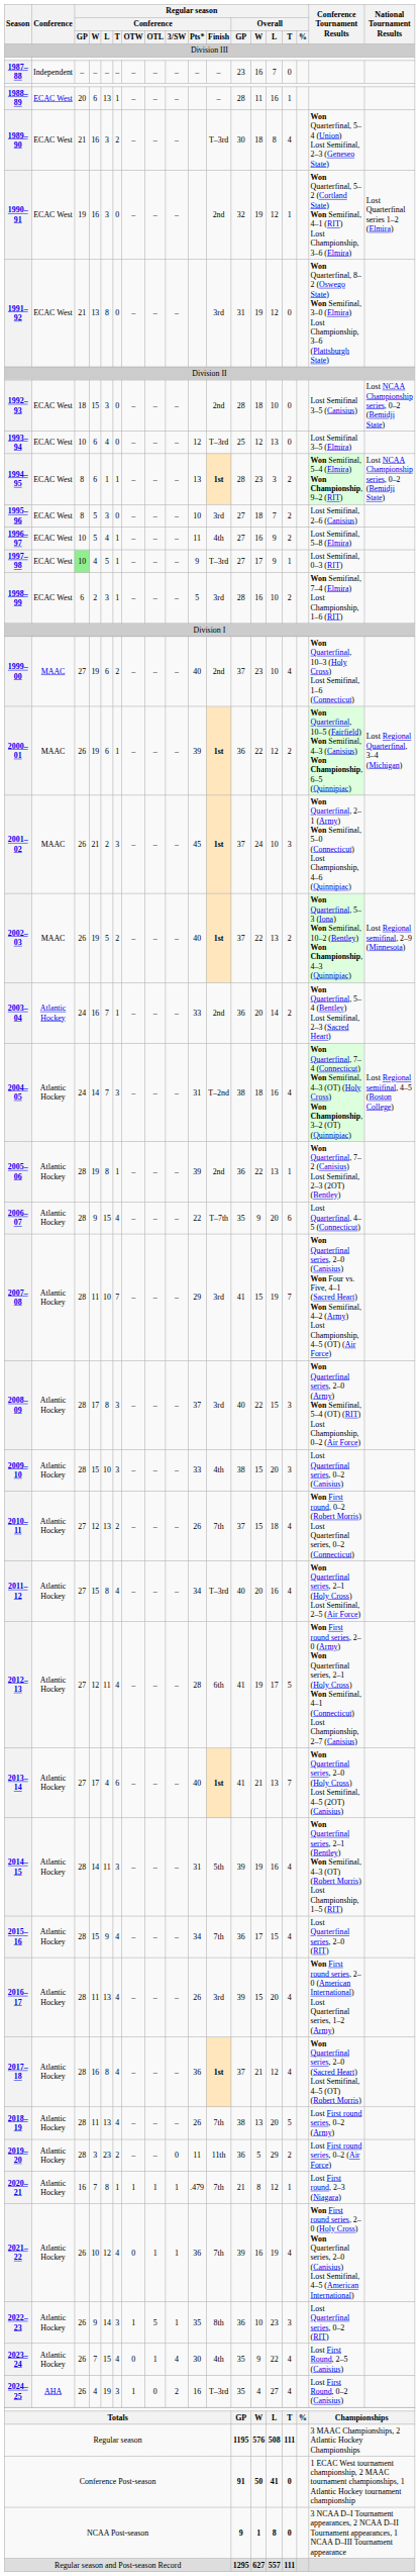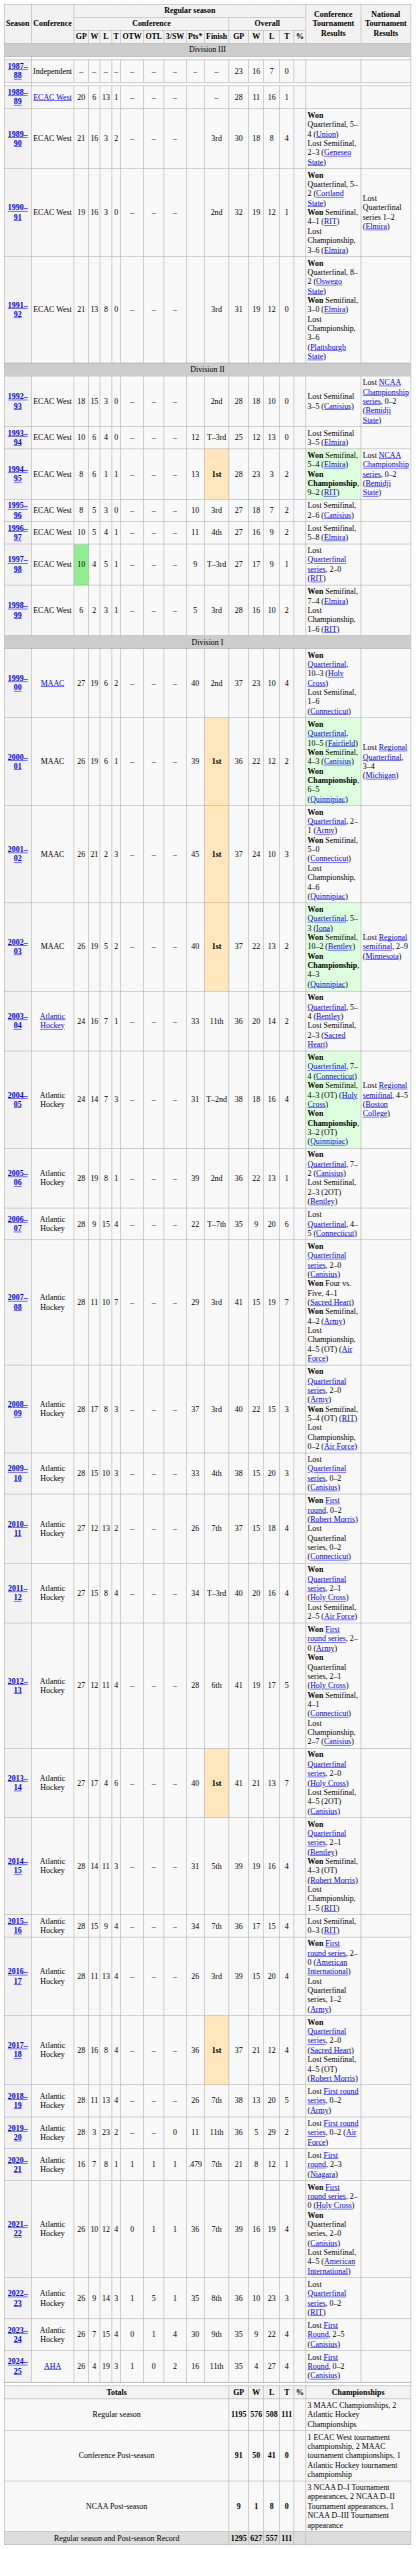 <table class="wikitable" style="text-align: center; font-size: 95%">
 <tr>
 <th rowspan="3">Season</th>
 <th rowspan="3">Conference</th>
 <th colspan="14">Regular season</th>
 <th rowspan="3">Conference Tournament Results</th>
 <th rowspan="3">National Tournament Results</th>
 </tr>
 <tr>
 <th colspan="9">Conference</th>
 <th colspan="5">Overall</th>
 </tr>
 <tr>
 <th>GP</th>
 <th>W</th>
 <th>L</th>
 <th>T</th>
 <th>OTW</th>
 <th>OTL</th>
 <th>3/SW</th>
 <th>Pts*</th>
 <th>Finish</th>
 <th>GP</th>
 <th>W</th>
 <th>L</th>
 <th>T</th>
 <th>%</th>
 </tr>
 <tr>
 <td style="background:#cccccc;" colspan="18">Division III</td>
 </tr>
 <tr>
 <td><a href='#'></a> </td>
 </tr>
 <tr>
 <th><a href='#'>1987–88</a></th>
 <td>Independent</td>
 <td>–</td>
 <td>–</td>
 <td>–</td>
 <td>–</td>
 <td>–</td>
 <td>–</td>
 <td>–</td>
 <td>–</td>
 <td>–</td>
 <td>23</td>
 <td>16</td>
 <td>7</td>
 <td>0</td>
 <td></td>
 <td align="left"></td>
 <td align="left"></td>
 </tr>
 <tr>
 <td><a href='#'></a> </td>
 </tr>
 <tr>
 <th><a href='#'>1988–89</a></th>
 <td><a href='#'>ECAC West</a></td>
 <td>20</td>
 <td>6</td>
 <td>13</td>
 <td>1</td>
 <td>–</td>
 <td>–</td>
 <td>–</td>
 <td></td>
 <td>–</td>
 <td>28</td>
 <td>11</td>
 <td>16</td>
 <td>1</td>
 <td></td>
 <td align="left"></td>
 <td align="left"></td>
 </tr>
 <tr>
 <th><a href='#'>1989–90</a></th>
 <td>ECAC West</td>
 <td>21</td>
 <td>16</td>
 <td>3</td>
 <td>2</td>
 <td>–</td>
 <td>–</td>
 <td>–</td>
 <td></td>
-<td>T–3rd</td>
+<td>3rd</td>
 <td>30</td>
 <td>18</td>
 <td>8</td>
 <td>4</td>
 <td></td>
 <td align="left"><strong>Won</strong> Quarterfinal, 5–4 (<a href='#'>Union</a>)<br>Lost Semifinal, 2–3 (<a href='#'>Geneseo State</a>)</td>
 <td align="left"></td>
 </tr>
 <tr>
 <th><a href='#'>1990–91</a></th>
 <td>ECAC West</td>
 <td>19</td>
 <td>16</td>
 <td>3</td>
 <td>0</td>
 <td>–</td>
 <td>–</td>
 <td>–</td>
 <td></td>
 <td>2nd</td>
 <td>32</td>
 <td>19</td>
 <td>12</td>
 <td>1</td>
 <td></td>
 <td align="left"><strong>Won</strong> Quarterfinal, 5–2 (<a href='#'>Cortland State</a>)<br><strong>Won</strong> Semifinal, 4–1 (<a href='#'>RIT</a>)<br>Lost Championship, 3–6 (<a href='#'>Elmira</a>)</td>
 <td align="left">Lost Quarterfinal series 1–2 (<a href='#'>Elmira</a>)</td>
 </tr>
 <tr>
 <th><a href='#'>1991–92</a></th>
 <td>ECAC West</td>
 <td>21</td>
 <td>13</td>
 <td>8</td>
 <td>0</td>
 <td>–</td>
 <td>–</td>
 <td>–</td>
 <td></td>
 <td>3rd</td>
 <td>31</td>
 <td>19</td>
 <td>12</td>
 <td>0</td>
 <td></td>
 <td align="left"><strong>Won</strong> Quarterfinal, 8–2 (<a href='#'>Oswego State</a>)<br><strong>Won</strong> Semifinal, 3–0 (<a href='#'>Elmira</a>)<br>Lost Championship, 3–6 (<a href='#'>Plattsburgh State</a>)</td>
 <td align="left"></td>
 </tr>
 <tr>
 <td style="background:#cccccc;" colspan="18">Division II</td>
 </tr>
 <tr>
 <th><a href='#'>1992–93</a></th>
 <td>ECAC West</td>
 <td>18</td>
 <td>15</td>
 <td>3</td>
 <td>0</td>
 <td>–</td>
 <td>–</td>
 <td>–</td>
 <td></td>
 <td>2nd</td>
 <td>28</td>
 <td>18</td>
 <td>10</td>
 <td>0</td>
 <td></td>
 <td align="left">Lost Semifinal 3–5 (<a href='#'>Canisius</a>)</td>
 <td align="left">Lost <a href='#'>NCAA Championship series</a>, 0–2 (<a href='#'>Bemidji State</a>)</td>
 </tr>
 <tr>
 <th><a href='#'>1993–94</a></th>
 <td>ECAC West</td>
 <td>10</td>
 <td>6</td>
 <td>4</td>
 <td>0</td>
 <td>–</td>
 <td>–</td>
 <td>–</td>
 <td>12</td>
 <td>T–3rd</td>
 <td>25</td>
 <td>12</td>
 <td>13</td>
 <td>0</td>
 <td></td>
 <td align="left">Lost Semifinal 3–5 (<a href='#'>Elmira</a>)</td>
 <td align="left"></td>
 </tr>
 <tr>
 <th><a href='#'>1994–95</a></th>
 <td>ECAC West</td>
 <td>8</td>
 <td>6</td>
 <td>1</td>
 <td>1</td>
 <td>–</td>
 <td>–</td>
 <td>–</td>
 <td>13</td>
 <td style="background: #FFE6BD;"><strong>1st</strong></td>
 <td>28</td>
 <td>23</td>
 <td>3</td>
 <td>2</td>
 <td></td>
 <td style="background: #ddffdd;" align="left"><strong>Won</strong> Semifinal, 5–4 (<a href='#'>Elmira</a>)<br><strong>Won Championship</strong>, 9–2 (<a href='#'>RIT</a>)</td>
 <td align="left">Lost <a href='#'>NCAA Championship series</a>, 0–2 (<a href='#'>Bemidji State</a>)</td>
 </tr>
 <tr>
 <th><a href='#'>1995–96</a></th>
 <td>ECAC West</td>
 <td>8</td>
 <td>5</td>
 <td>3</td>
 <td>0</td>
 <td>–</td>
 <td>–</td>
 <td>–</td>
 <td>10</td>
 <td>3rd</td>
 <td>27</td>
 <td>18</td>
 <td>7</td>
 <td>2</td>
 <td></td>
 <td align="left">Lost Semifinal, 2–6 (<a href='#'>Canisius</a>)</td>
 <td align="left"></td>
 </tr>
 <tr>
 <th><a href='#'>1996–97</a></th>
 <td>ECAC West</td>
 <td>10</td>
 <td>5</td>
 <td>4</td>
 <td>1</td>
 <td>–</td>
 <td>–</td>
 <td>–</td>
 <td>11</td>
 <td>4th</td>
 <td>27</td>
 <td>16</td>
 <td>9</td>
 <td>2</td>
 <td></td>
 <td align="left">Lost Semifinal, 5–8 (<a href='#'>Elmira</a>)</td>
 <td align="left"></td>
 </tr>
 <tr>
 <th><a href='#'>1997–98</a></th>
 <td>ECAC West</td>
 <td style="background: lightgreen;">10</td>
 <td>4</td>
 <td>5</td>
 <td>1</td>
 <td>–</td>
 <td>–</td>
 <td>–</td>
 <td>9</td>
 <td>T–3rd</td>
 <td>27</td>
 <td>17</td>
 <td>9</td>
 <td>1</td>
 <td></td>
-<td align="left">Lost Semifinal, 0–3 (<a href='#'>RIT</a>)</td>
+<td align="left">Lost <a href='#'>Quarterfinal series</a>, 2–0 (<a href='#'>RIT</a>)</td>
 <td align="left"></td>
 </tr>
 <tr>
 <th><a href='#'>1998–99</a></th>
 <td>ECAC West</td>
 <td>6</td>
 <td>2</td>
 <td>3</td>
 <td>1</td>
 <td>–</td>
 <td>–</td>
 <td>–</td>
 <td>5</td>
 <td>3rd</td>
 <td>28</td>
 <td>16</td>
 <td>10</td>
 <td>2</td>
 <td></td>
 <td align="left"><strong>Won</strong> Semifinal, 7–4 (<a href='#'>Elmira</a>)<br>Lost Championship, 1–6 (<a href='#'>RIT</a>)</td>
 <td align="left"></td>
 </tr>
 <tr>
 <td style="background:#cccccc;" colspan="18">Division I</td>
 </tr>
 <tr>
 <th><a href='#'>1999–00</a></th>
 <td><a href='#'>MAAC</a></td>
 <td>27</td>
 <td>19</td>
 <td>6</td>
 <td>2</td>
 <td>–</td>
 <td>–</td>
 <td>–</td>
 <td>40</td>
 <td>2nd</td>
 <td>37</td>
 <td>23</td>
 <td>10</td>
 <td>4</td>
 <td></td>
 <td align="left"><strong>Won</strong> <a href='#'>Quarterfinal</a>, 10–3 (<a href='#'>Holy Cross</a>)<br>Lost Semifinal, 1–6 (<a href='#'>Connecticut</a>)</td>
 <td align="left"></td>
 </tr>
 <tr>
 <th><a href='#'>2000–01</a></th>
 <td>MAAC</td>
 <td>26</td>
 <td>19</td>
 <td>6</td>
 <td>1</td>
 <td>–</td>
 <td>–</td>
 <td>–</td>
 <td>39</td>
 <td style="background: #FFE6BD;"><strong>1st</strong></td>
 <td>36</td>
 <td>22</td>
 <td>12</td>
 <td>2</td>
 <td></td>
 <td style="background: #ddffdd;" align="left"><strong>Won</strong> <a href='#'>Quarterfinal</a>, 10–5 (<a href='#'>Fairfield</a>)<br><strong>Won</strong> Semifinal, 4–3 (<a href='#'>Canisius</a>)<br><strong>Won Championship</strong>, 6–5 (<a href='#'>Quinnipiac</a>)</td>
 <td align="left">Lost <a href='#'>Regional Quarterfinal</a>, 3–4 (<a href='#'>Michigan</a>)</td>
 </tr>
 <tr>
 <th><a href='#'>2001–02</a></th>
 <td>MAAC</td>
 <td>26</td>
 <td>21</td>
 <td>2</td>
 <td>3</td>
 <td>–</td>
 <td>–</td>
 <td>–</td>
 <td>45</td>
 <td style="background: #FFE6BD;"><strong>1st</strong></td>
 <td>37</td>
 <td>24</td>
 <td>10</td>
 <td>3</td>
 <td></td>
 <td align="left"><strong>Won</strong> <a href='#'>Quarterfinal</a>, 2–1 (<a href='#'>Army</a>)<br><strong>Won</strong> Semifinal, 5–0 (<a href='#'>Connecticut</a>)<br>Lost Championship, 4–6 (<a href='#'>Quinnipiac</a>)</td>
 <td align="left"></td>
 </tr>
 <tr>
 <th><a href='#'>2002–03</a></th>
 <td>MAAC</td>
 <td>26</td>
 <td>19</td>
 <td>5</td>
 <td>2</td>
 <td>–</td>
 <td>–</td>
 <td>–</td>
 <td>40</td>
 <td style="background: #FFE6BD;"><strong>1st</strong></td>
 <td>37</td>
 <td>22</td>
 <td>13</td>
 <td>2</td>
 <td></td>
 <td style="background: #ddffdd;" align="left"><strong>Won</strong> <a href='#'>Quarterfinal</a>, 5–3 (<a href='#'>Iona</a>)<br><strong>Won</strong> Semifinal, 10–2 (<a href='#'>Bentley</a>)<br><strong>Won Championship</strong>, 4–3 (<a href='#'>Quinnipiac</a>)</td>
 <td align="left">Lost <a href='#'>Regional semifinal</a>, 2–9 (<a href='#'>Minnesota</a>)</td>
 </tr>
 <tr>
 <th><a href='#'>2003–04</a></th>
 <td><a href='#'>Atlantic Hockey</a></td>
 <td>24</td>
 <td>16</td>
 <td>7</td>
 <td>1</td>
 <td>–</td>
 <td>–</td>
 <td>–</td>
 <td>33</td>
-<td>2nd</td>
+<td>11th</td>
 <td>36</td>
 <td>20</td>
 <td>14</td>
 <td>2</td>
 <td></td>
 <td align="left"><strong>Won</strong> <a href='#'>Quarterfinal</a>, 5–4 (<a href='#'>Bentley</a>)<br>Lost Semifinal, 2–3 (<a href='#'>Sacred Heart</a>)</td>
 <td align="left"></td>
 </tr>
 <tr>
 <th><a href='#'>2004–05</a></th>
 <td>Atlantic Hockey</td>
 <td>24</td>
 <td>14</td>
 <td>7</td>
 <td>3</td>
 <td>–</td>
 <td>–</td>
 <td>–</td>
 <td>31</td>
 <td>T–2nd</td>
 <td>38</td>
 <td>18</td>
 <td>16</td>
 <td>4</td>
 <td></td>
 <td style="background: #ddffdd;" align="left"><strong>Won</strong> <a href='#'>Quarterfinal</a>, 7–4 (<a href='#'>Connecticut</a>)<br><strong>Won</strong> Semifinal, 4–3 (OT) (<a href='#'>Holy Cross</a>)<br><strong>Won Championship</strong>, 3–2 (OT) (<a href='#'>Quinnipiac</a>)</td>
 <td align="left">Lost <a href='#'>Regional semifinal</a>, 4–5 (<a href='#'>Boston College</a>)</td>
 </tr>
 <tr>
 <th><a href='#'>2005–06</a></th>
 <td>Atlantic Hockey</td>
 <td>28</td>
 <td>19</td>
 <td>8</td>
 <td>1</td>
 <td>–</td>
 <td>–</td>
 <td>–</td>
 <td>39</td>
 <td>2nd</td>
 <td>36</td>
 <td>22</td>
 <td>13</td>
 <td>1</td>
 <td></td>
 <td align="left"><strong>Won</strong> <a href='#'>Quarterfinal</a>, 7–2 (<a href='#'>Canisius</a>)<br>Lost Semifinal, 2–3 (2OT) (<a href='#'>Bentley</a>)</td>
 <td align="left"></td>
 </tr>
 <tr>
 <th><a href='#'>2006–07</a></th>
 <td>Atlantic Hockey</td>
 <td>28</td>
 <td>9</td>
 <td>15</td>
 <td>4</td>
 <td>–</td>
 <td>–</td>
 <td>–</td>
 <td>22</td>
 <td>T–7th</td>
 <td>35</td>
 <td>9</td>
 <td>20</td>
 <td>6</td>
 <td></td>
 <td align="left">Lost <a href='#'>Quarterfinal</a>, 4–5 (<a href='#'>Connecticut</a>)</td>
 <td align="left"></td>
 </tr>
 <tr>
 <th><a href='#'>2007–08</a></th>
 <td>Atlantic Hockey</td>
 <td>28</td>
 <td>11</td>
 <td>10</td>
 <td>7</td>
 <td>–</td>
 <td>–</td>
 <td>–</td>
 <td>29</td>
 <td>3rd</td>
 <td>41</td>
 <td>15</td>
 <td>19</td>
 <td>7</td>
 <td></td>
 <td align="left"><strong>Won</strong> <a href='#'>Quarterfinal series</a>, 2–0 (<a href='#'>Canisius</a>)<br><strong>Won</strong> Four vs. Five, 4–1 (<a href='#'>Sacred Heart</a>)<br><strong>Won</strong> Semifinal, 4–2 (<a href='#'>Army</a>)<br>Lost Championship, 4–5 (OT) (<a href='#'>Air Force</a>)</td>
 <td align="left"></td>
 </tr>
 <tr>
 <th><a href='#'>2008–09</a></th>
 <td>Atlantic Hockey</td>
 <td>28</td>
 <td>17</td>
 <td>8</td>
 <td>3</td>
 <td>–</td>
 <td>–</td>
 <td>–</td>
 <td>37</td>
 <td>3rd</td>
 <td>40</td>
 <td>22</td>
 <td>15</td>
 <td>3</td>
 <td></td>
 <td align="left"><strong>Won</strong> <a href='#'>Quarterfinal series</a>, 2–0 (<a href='#'>Army</a>)<br><strong>Won</strong> Semifinal, 5–4 (OT) (<a href='#'>RIT</a>)<br>Lost Championship, 0–2 (<a href='#'>Air Force</a>)</td>
 <td align="left"></td>
 </tr>
 <tr>
 <th><a href='#'>2009–10</a></th>
 <td>Atlantic Hockey</td>
 <td>28</td>
 <td>15</td>
 <td>10</td>
 <td>3</td>
 <td>–</td>
 <td>–</td>
 <td>–</td>
 <td>33</td>
 <td>4th</td>
 <td>38</td>
 <td>15</td>
 <td>20</td>
 <td>3</td>
 <td></td>
 <td align="left">Lost <a href='#'>Quarterfinal series</a>, 0–2 (<a href='#'>Canisius</a>)</td>
 <td align="left"></td>
 </tr>
 <tr>
 <th><a href='#'>2010–11</a></th>
 <td>Atlantic Hockey</td>
 <td>27</td>
 <td>12</td>
 <td>13</td>
 <td>2</td>
 <td>–</td>
 <td>–</td>
 <td>–</td>
 <td>26</td>
 <td>7th</td>
 <td>37</td>
 <td>15</td>
 <td>18</td>
 <td>4</td>
 <td></td>
 <td align="left"><strong>Won</strong> <a href='#'>First round</a>, 0–2 (<a href='#'>Robert Morris</a>)<br>Lost Quarterfinal series, 0–2 (<a href='#'>Connecticut</a>)</td>
 <td align="left"></td>
 </tr>
 <tr>
 <th><a href='#'>2011–12</a></th>
 <td>Atlantic Hockey</td>
 <td>27</td>
 <td>15</td>
 <td>8</td>
 <td>4</td>
 <td>–</td>
 <td>–</td>
 <td>–</td>
 <td>34</td>
 <td>T–3rd</td>
 <td>40</td>
 <td>20</td>
 <td>16</td>
 <td>4</td>
 <td></td>
 <td align="left"><strong>Won</strong> <a href='#'>Quarterfinal series</a>, 2–1 (<a href='#'>Holy Cross</a>)<br>Lost Semifinal, 2–5 (<a href='#'>Air Force</a>)</td>
 <td align="left"></td>
 </tr>
 <tr>
 <th><a href='#'>2012–13</a></th>
 <td>Atlantic Hockey</td>
 <td>27</td>
 <td>12</td>
 <td>11</td>
 <td>4</td>
 <td>–</td>
 <td>–</td>
 <td>–</td>
 <td>28</td>
 <td>6th</td>
 <td>41</td>
 <td>19</td>
 <td>17</td>
 <td>5</td>
 <td></td>
 <td align="left"><strong>Won</strong> <a href='#'>First round series</a>, 2–0 (<a href='#'>Army</a>)<br><strong>Won</strong> Quarterfinal series, 2–1 (<a href='#'>Holy Cross</a>)<br><strong>Won</strong> Semifinal, 4–1 (<a href='#'>Connecticut</a>)<br>Lost Championship, 2–7 (<a href='#'>Canisius</a>)</td>
 <td align="left"></td>
 </tr>
 <tr>
 <th><a href='#'>2013–14</a></th>
 <td>Atlantic Hockey</td>
 <td>27</td>
 <td>17</td>
 <td>4</td>
 <td>6</td>
 <td>–</td>
 <td>–</td>
 <td>–</td>
 <td>40</td>
 <td style="background: #FFE6BD;"><strong>1st</strong></td>
 <td>41</td>
 <td>21</td>
 <td>13</td>
 <td>7</td>
 <td></td>
 <td align="left"><strong>Won</strong> <a href='#'>Quarterfinal series</a>, 2–0 (<a href='#'>Holy Cross</a>)<br>Lost Semifinal, 4–5 (2OT) (<a href='#'>Canisius</a>)</td>
 <td align="left"></td>
 </tr>
 <tr>
 <th><a href='#'>2014–15</a></th>
 <td>Atlantic Hockey</td>
 <td>28</td>
 <td>14</td>
 <td>11</td>
 <td>3</td>
 <td>–</td>
 <td>–</td>
 <td>–</td>
 <td>31</td>
 <td>5th</td>
 <td>39</td>
 <td>19</td>
 <td>16</td>
 <td>4</td>
 <td></td>
 <td align="left"><strong>Won</strong> <a href='#'>Quarterfinal series</a>, 2–1 (<a href='#'>Bentley</a>)<br><strong>Won</strong> Semifinal, 4–3 (OT) (<a href='#'>Robert Morris</a>)<br>Lost Championship, 1–5 (<a href='#'>RIT</a>)</td>
 <td align="left"></td>
 </tr>
 <tr>
 <th><a href='#'>2015–16</a></th>
 <td>Atlantic Hockey</td>
 <td>28</td>
 <td>15</td>
 <td>9</td>
 <td>4</td>
 <td>–</td>
 <td>–</td>
 <td>–</td>
 <td>34</td>
 <td>7th</td>
 <td>36</td>
 <td>17</td>
 <td>15</td>
 <td>4</td>
 <td></td>
-<td align="left">Lost <a href='#'>Quarterfinal series</a>, 2–0 (<a href='#'>RIT</a>)</td>
+<td align="left">Lost Semifinal, 0–3 (<a href='#'>RIT</a>)</td>
 <td align="left"></td>
 </tr>
 <tr>
 <th><a href='#'>2016–17</a></th>
 <td>Atlantic Hockey</td>
 <td>28</td>
 <td>11</td>
 <td>13</td>
 <td>4</td>
 <td>–</td>
 <td>–</td>
 <td>–</td>
 <td>26</td>
 <td>3rd</td>
 <td>39</td>
 <td>15</td>
 <td>20</td>
 <td>4</td>
 <td></td>
 <td align="left"><strong>Won</strong> <a href='#'>First round series</a>, 2–0 (<a href='#'>American International</a>)<br>Lost Quarterfinal series, 1–2 (<a href='#'>Army</a>)</td>
 <td align="left"></td>
 </tr>
 <tr>
 <th><a href='#'>2017–18</a></th>
 <td>Atlantic Hockey</td>
 <td>28</td>
 <td>16</td>
 <td>8</td>
 <td>4</td>
 <td>–</td>
 <td>–</td>
 <td>–</td>
 <td>36</td>
 <td style="background: #FFE6BD;"><strong>1st</strong></td>
 <td>37</td>
 <td>21</td>
 <td>12</td>
 <td>4</td>
 <td></td>
 <td align="left"><strong>Won</strong> <a href='#'>Quarterfinal series</a>, 2–0 (<a href='#'>Sacred Heart</a>)<br>Lost Semifinal, 4–5 (OT) (<a href='#'>Robert Morris</a>)</td>
 <td align="left"></td>
 </tr>
 <tr>
 <th><a href='#'>2018–19</a></th>
 <td>Atlantic Hockey</td>
 <td>28</td>
 <td>11</td>
 <td>13</td>
 <td>4</td>
 <td>–</td>
 <td>–</td>
 <td>–</td>
 <td>26</td>
 <td>7th</td>
 <td>38</td>
 <td>13</td>
 <td>20</td>
 <td>5</td>
 <td></td>
 <td align="left">Lost <a href='#'>First round series</a>, 0–2 (<a href='#'>Army</a>)</td>
 <td align="left"></td>
 </tr>
 <tr>
 <th><a href='#'>2019–20</a></th>
 <td>Atlantic Hockey</td>
 <td>28</td>
 <td>3</td>
 <td>23</td>
 <td>2</td>
 <td>–</td>
 <td>–</td>
 <td>0</td>
 <td>11</td>
 <td>11th</td>
 <td>36</td>
 <td>5</td>
 <td>29</td>
 <td>2</td>
 <td></td>
 <td align="left">Lost <a href='#'>First round series</a>, 0–2 (<a href='#'>Air Force</a>)</td>
 <td align="left"></td>
 </tr>
 <tr>
 <th><a href='#'>2020–21</a></th>
 <td>Atlantic Hockey</td>
 <td>16</td>
 <td>7</td>
 <td>8</td>
 <td>1</td>
 <td>1</td>
 <td>1</td>
 <td>1</td>
 <td>.479</td>
 <td>7th</td>
 <td>21</td>
 <td>8</td>
 <td>12</td>
 <td>1</td>
 <td></td>
 <td align="left">Lost <a href='#'>First round</a>, 2–3 (<a href='#'>Niagara</a>)</td>
 <td align="left"></td>
 </tr>
 <tr>
 <th><a href='#'>2021–22</a></th>
 <td>Atlantic Hockey</td>
 <td>26</td>
 <td>10</td>
 <td>12</td>
 <td>4</td>
 <td>0</td>
 <td>1</td>
 <td>1</td>
 <td>36</td>
 <td>7th</td>
 <td>39</td>
 <td>16</td>
 <td>19</td>
 <td>4</td>
 <td></td>
 <td align="left"><strong>Won</strong> <a href='#'>First round series</a>, 2–0 (<a href='#'>Holy Cross</a>)<br><strong>Won</strong> Quarterfinal series, 2–0 (<a href='#'>Canisius</a>)<br>Lost Semifinal, 4–5 (<a href='#'>American International</a>)</td>
 <td align="left"></td>
 </tr>
 <tr>
 <th><a href='#'>2022–23</a></th>
 <td>Atlantic Hockey</td>
 <td>26</td>
 <td>9</td>
 <td>14</td>
 <td>3</td>
 <td>1</td>
 <td>5</td>
 <td>1</td>
 <td>35</td>
 <td>8th</td>
 <td>36</td>
 <td>10</td>
 <td>23</td>
 <td>3</td>
 <td></td>
 <td align="left">Lost <a href='#'>Quarterfinal series</a>, 0–2 (<a href='#'>RIT</a>)</td>
 <td align="left"></td>
 </tr>
 <tr>
 <th><a href='#'>2023–24</a></th>
 <td>Atlantic Hockey</td>
 <td>26</td>
 <td>7</td>
 <td>15</td>
 <td>4</td>
 <td>0</td>
 <td>1</td>
 <td>4</td>
 <td>30</td>
-<td>4th</td>
+<td>9th</td>
 <td>35</td>
 <td>9</td>
 <td>22</td>
 <td>4</td>
 <td></td>
 <td align="left">Lost <a href='#'>First Round</a>, 2–5 (<a href='#'>Canisius</a>)</td>
 <td align="left"></td>
 </tr>
 <tr>
 <th><a href='#'>2024–25</a></th>
 <td><a href='#'>AHA</a></td>
 <td>26</td>
 <td>4</td>
 <td>19</td>
 <td>3</td>
 <td>1</td>
 <td>0</td>
 <td>2</td>
 <td>16</td>
-<td>T–3rd</td>
+<td>11th</td>
 <td>35</td>
 <td>4</td>
 <td>27</td>
 <td>4</td>
 <td></td>
 <td align="left">Lost <a href='#'>First Round</a>, 0–2 (<a href='#'>Canisius</a>)</td>
 <td align="left"></td>
 </tr>
 <tr>
 </tr>
 <tr ->
 </tr>
 <tr>
 <td colspan="18" style="background:#fff;"></td>
 </tr>
 <tr>
 <th colspan="11">Totals</th>
 <th>GP</th>
 <th>W</th>
 <th>L</th>
 <th>T</th>
 <th>%</th>
 <th colspan="2">Championships</th>
 </tr>
 <tr>
 <td colspan="11">Regular season</td>
 <td><strong>1195</strong></td>
 <td><strong>576</strong></td>
 <td><strong>508</strong></td>
 <td><strong>111</strong></td>
 <td><strong></strong></td>
 <td colspan="2" align="left">3 MAAC Championships, 2 Atlantic Hockey Championships</td>
 </tr>
 <tr>
 <td colspan="11">Conference Post-season</td>
 <td><strong>91</strong></td>
 <td><strong>50</strong></td>
 <td><strong>41</strong></td>
 <td><strong>0</strong></td>
 <td><strong></strong></td>
 <td colspan="2" align="left">1 ECAC West tournament championship, 2 MAAC tournament championships, 1 Atlantic Hockey tournament championship</td>
 </tr>
 <tr>
 <td colspan="11">NCAA Post-season</td>
 <td><strong>9</strong></td>
 <td><strong>1</strong></td>
 <td><strong>8</strong></td>
 <td><strong>0</strong></td>
 <td><strong></strong></td>
 <td colspan="2" align="left">3 NCAA D–I Tournament appearances, 2 NCAA D–II Tournament appearances, 1 NCAA D–III Tournament appearance</td>
 </tr>
 <tr bgcolor=dddddd>
 <td colspan="11">Regular season and Post-season Record</td>
 <td><strong>1295</strong></td>
 <td><strong>627</strong></td>
 <td><strong>557</strong></td>
 <td><strong>111</strong></td>
 <td><strong></strong></td>
 <td colspan="2" align="left"></td>
 </tr>
 </table>
